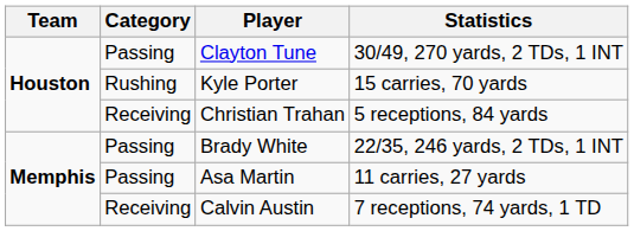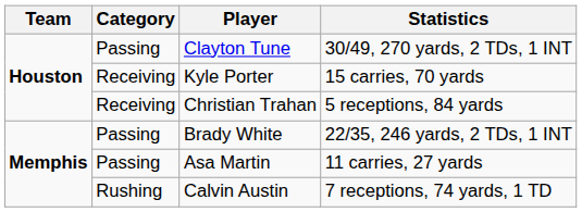 <table class="wikitable" style="float: left;">
 <tr>
 <th>Team</th>
 <th>Category</th>
 <th>Player</th>
 <th>Statistics</th>
 </tr>
 <tr>
 <td rowspan=3><strong>Houston</strong></td>
 <td>Passing</td>
 <td><a href='#'>Clayton Tune</a></td>
 <td>30/49, 270 yards, 2 TDs, 1 INT</td>
 </tr>
 <tr>
-<td>Rushing</td>
+<td>Receiving</td>
 <td>Kyle Porter</td>
 <td>15 carries, 70 yards</td>
 </tr>
 <tr>
 <td>Receiving</td>
 <td>Christian Trahan</td>
 <td>5 receptions, 84 yards</td>
 </tr>
 <tr>
 <td rowspan=3><strong>Memphis</strong></td>
 <td>Passing</td>
 <td>Brady White</td>
 <td>22/35, 246 yards, 2 TDs, 1 INT</td>
 </tr>
 <tr>
 <td>Passing</td>
 <td>Asa Martin</td>
 <td>11 carries, 27 yards</td>
 </tr>
 <tr>
-<td>Receiving</td>
+<td>Rushing</td>
 <td>Calvin Austin</td>
 <td>7 receptions, 74 yards, 1 TD</td>
 </tr>
 </table>
